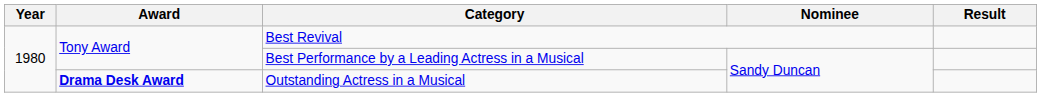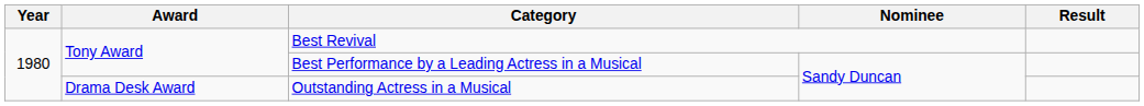 <table class="wikitable" width="95%">
 <tr>
 <th width="5%">Year</th>
 <th width="20%">Award</th>
 <th width="45%">Category</th>
 <th width="20%">Nominee</th>
 <th width="10%">Result</th>
 </tr>
 <tr>
 <td rowspan="3" align="center">1980</td>
 <td rowspan="2"><a href='#'>Tony Award</a></td>
 <td colspan="2"><a href='#'>Best Revival</a></td>
 <td></td>
 </tr>
 <tr>
 <td><a href='#'>Best Performance by a Leading Actress in a Musical</a></td>
 <td rowspan="2"><a href='#'>Sandy Duncan</a></td>
 <td></td>
 </tr>
 <tr>
-<td><strong><a href='#'>Drama Desk Award</a></strong></td>
+<td><a href='#'>Drama Desk Award</a></td>
 <td><a href='#'>Outstanding Actress in a Musical</a></td>
 <td></td>
 </tr>
 </table>
